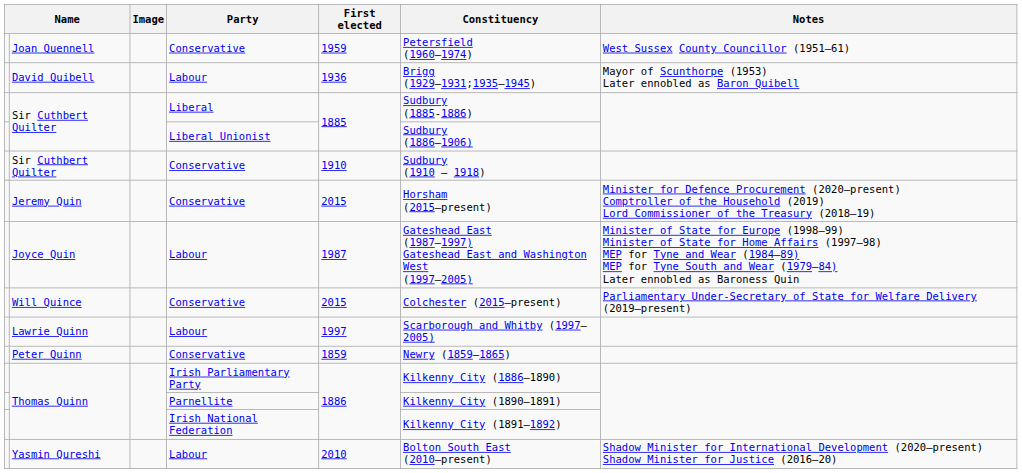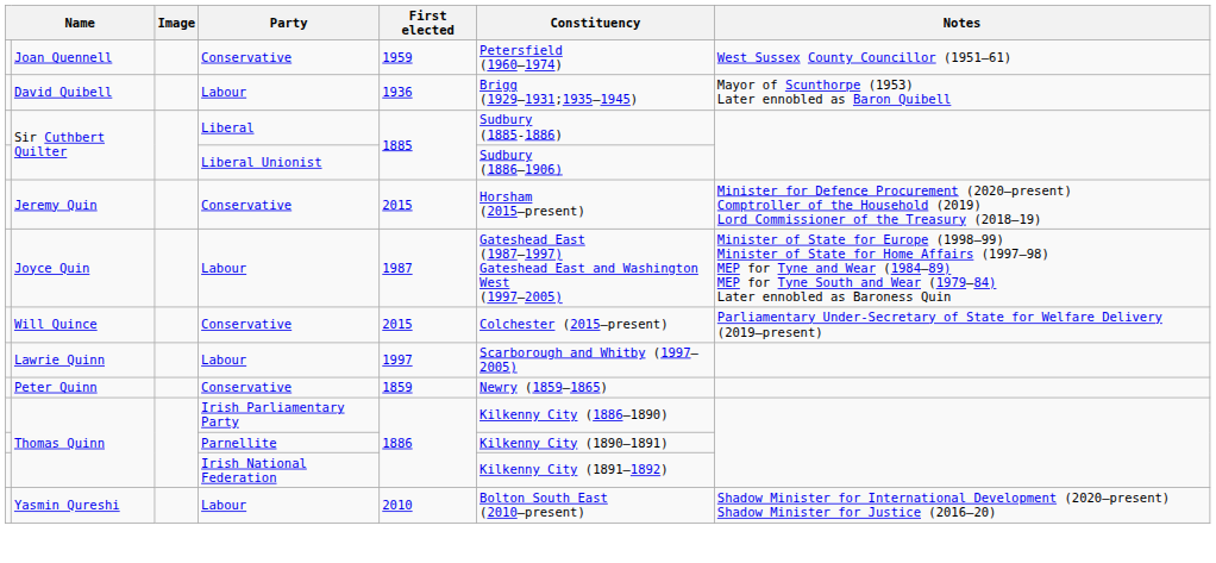 <table class="wikitable sortable">
 <tr>
 <th colspan="2">Name</th>
 <th>Image</th>
 <th>Party</th>
 <th>First elected</th>
 <th>Constituency</th>
 <th>Notes</th>
 </tr>
 <tr>
 <td style="background-color: "></td>
 <td><a href='#'>Joan Quennell</a></td>
 <td></td>
 <td><a href='#'>Conservative</a></td>
 <td><a href='#'>1959</a></td>
 <td><a href='#'>Petersfield</a><br>(<a href='#'>1960</a>–<a href='#'>1974</a>)</td>
 <td><a href='#'>West Sussex</a> <a href='#'>County Councillor</a> (1951–61)</td>
 </tr>
 <tr>
 <td style="background-color: "></td>
 <td><a href='#'>David Quibell</a></td>
 <td></td>
 <td><a href='#'>Labour</a></td>
 <td><a href='#'>1936</a></td>
 <td><a href='#'>Brigg</a><br>(<a href='#'>1929</a>–<a href='#'>1931</a>;<a href='#'>1935</a>–<a href='#'>1945</a>)</td>
 <td>Mayor of <a href='#'>Scunthorpe</a> (1953)<br>Later ennobled as <a href='#'>Baron Quibell</a></td>
 </tr>
 <tr>
 <td style="background-color: "></td>
 <td rowspan="2">Sir <a href='#'>Cuthbert Quilter</a><br></td>
 <td rowspan="2"></td>
 <td><a href='#'>Liberal</a></td>
 <td rowspan="2"><a href='#'>1885</a></td>
 <td><a href='#'>Sudbury</a><br>(<a href='#'>1885</a>-<a href='#'>1886</a>)</td>
 <td rowspan="2"></td>
 </tr>
 <tr>
 <td style="background-color: "></td>
 <td><a href='#'>Liberal Unionist</a></td>
 <td><a href='#'>Sudbury</a><br>(<a href='#'>1886</a>–<a href='#'>1906)</a></td>
-</tr>
-<tr>
-<td style="background-color: "></td>
-<td>Sir <a href='#'>Cuthbert Quilter</a><br></td>
-<td></td>
-<td><a href='#'>Conservative</a></td>
-<td><a href='#'>1910</a></td>
-<td><a href='#'>Sudbury</a><br>(<a href='#'>1910</a> – <a href='#'>1918</a>)</td>
-<td></td>
 </tr>
 <tr>
 <td style="background-color: "></td>
 <td><a href='#'>Jeremy Quin</a></td>
 <td></td>
 <td><a href='#'>Conservative</a></td>
 <td><a href='#'>2015</a></td>
 <td><a href='#'>Horsham</a><br>(<a href='#'>2015</a>–present)</td>
 <td><a href='#'>Minister for Defence Procurement</a> (2020–present)<br><a href='#'>Comptroller of the Household</a> (2019)<br><a href='#'>Lord Commissioner of the Treasury</a> (2018–19)</td>
 </tr>
 <tr>
 <td style="background-color: "></td>
 <td><a href='#'>Joyce Quin</a></td>
 <td></td>
 <td><a href='#'>Labour</a></td>
 <td><a href='#'>1987</a></td>
 <td><a href='#'>Gateshead East</a><br>(<a href='#'>1987</a>–<a href='#'>1997)</a><br><a href='#'>Gateshead East and Washington West</a><br>(<a href='#'>1997</a>–<a href='#'>2005)</a></td>
 <td><a href='#'>Minister of State for Europe</a> (1998–99)<br><a href='#'>Minister of State for Home Affairs</a> (1997–98)<br><a href='#'>MEP</a> for <a href='#'>Tyne and Wear</a> (<a href='#'>1984</a>–<a href='#'>89)</a><br><a href='#'>MEP</a> for <a href='#'>Tyne South and Wear</a> (<a href='#'>1979</a>–<a href='#'>84)</a><br>Later ennobled as Baroness Quin</td>
 </tr>
 <tr>
 <td style="background-color: "></td>
 <td><a href='#'>Will Quince</a></td>
 <td></td>
 <td><a href='#'>Conservative</a></td>
 <td><a href='#'>2015</a></td>
 <td><a href='#'>Colchester</a> (<a href='#'>2015</a>–present)</td>
 <td><a href='#'>Parliamentary Under-Secretary of State for Welfare Delivery</a> (2019–present)</td>
 </tr>
 <tr>
 <td style="background-color: "></td>
 <td><a href='#'>Lawrie Quinn</a></td>
 <td></td>
 <td><a href='#'>Labour</a></td>
 <td><a href='#'>1997</a></td>
 <td><a href='#'>Scarborough and Whitby</a> (<a href='#'>1997</a>–<a href='#'>2005)</a></td>
 <td></td>
 </tr>
 <tr>
 <td style="background-color: "></td>
 <td><a href='#'>Peter Quinn</a></td>
 <td></td>
 <td><a href='#'>Conservative</a></td>
 <td><a href='#'>1859</a></td>
 <td><a href='#'>Newry</a> (<a href='#'>1859</a>–<a href='#'>1865</a>)</td>
 <td></td>
 </tr>
 <tr>
 <td style="background-color: "></td>
 <td rowspan="3"><a href='#'>Thomas Quinn</a></td>
 <td rowspan="3"></td>
 <td><a href='#'>Irish Parliamentary Party</a></td>
 <td rowspan="3"><a href='#'>1886</a></td>
 <td><a href='#'>Kilkenny City</a> (<a href='#'>1886</a>–1890)</td>
 <td rowspan="3"></td>
 </tr>
 <tr>
 <td style="background-color: "></td>
 <td><a href='#'>Parnellite</a></td>
 <td><a href='#'>Kilkenny City</a> (1890–1891)</td>
 </tr>
 <tr>
 <td style="background-color: "></td>
 <td><a href='#'>Irish National Federation</a></td>
 <td><a href='#'>Kilkenny City</a> (1891–<a href='#'>1892</a>)</td>
 </tr>
 <tr>
 <td style="background-color: "></td>
 <td><a href='#'>Yasmin Qureshi</a></td>
 <td></td>
 <td><a href='#'>Labour</a></td>
 <td><a href='#'>2010</a></td>
 <td><a href='#'>Bolton South East</a><br>(<a href='#'>2010</a>–present)</td>
 <td><a href='#'>Shadow Minister for International Development</a> (2020–present)<br><a href='#'>Shadow Minister for Justice</a> (2016–20)</td>
 </tr>
 </table>
